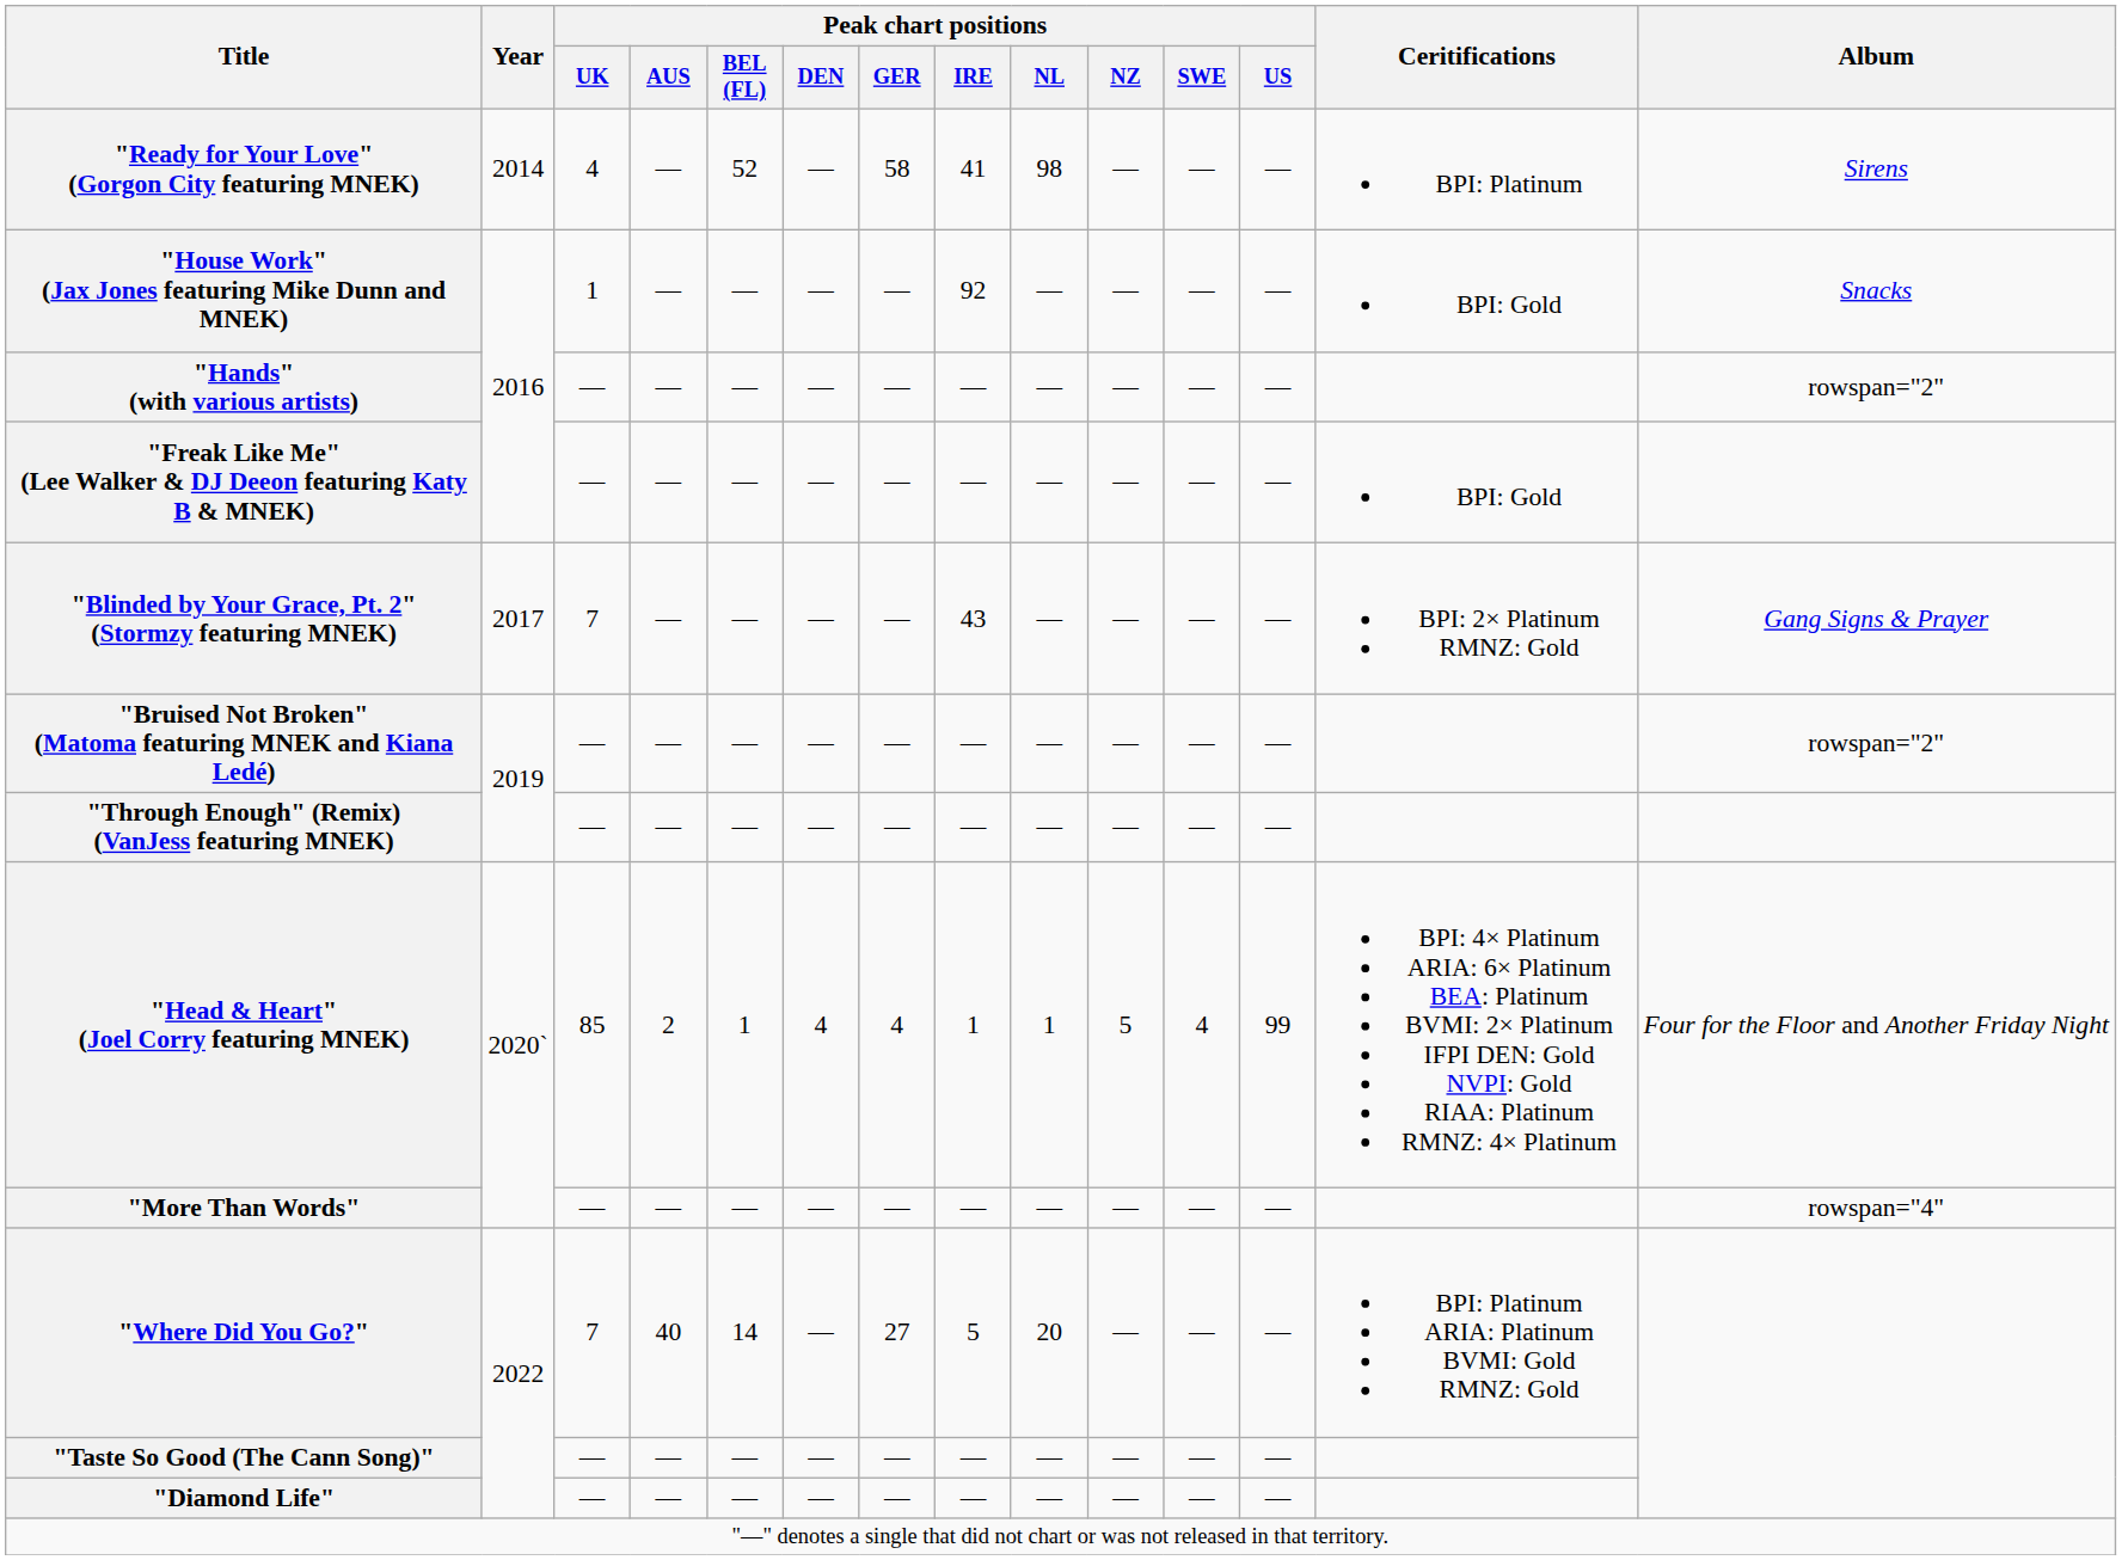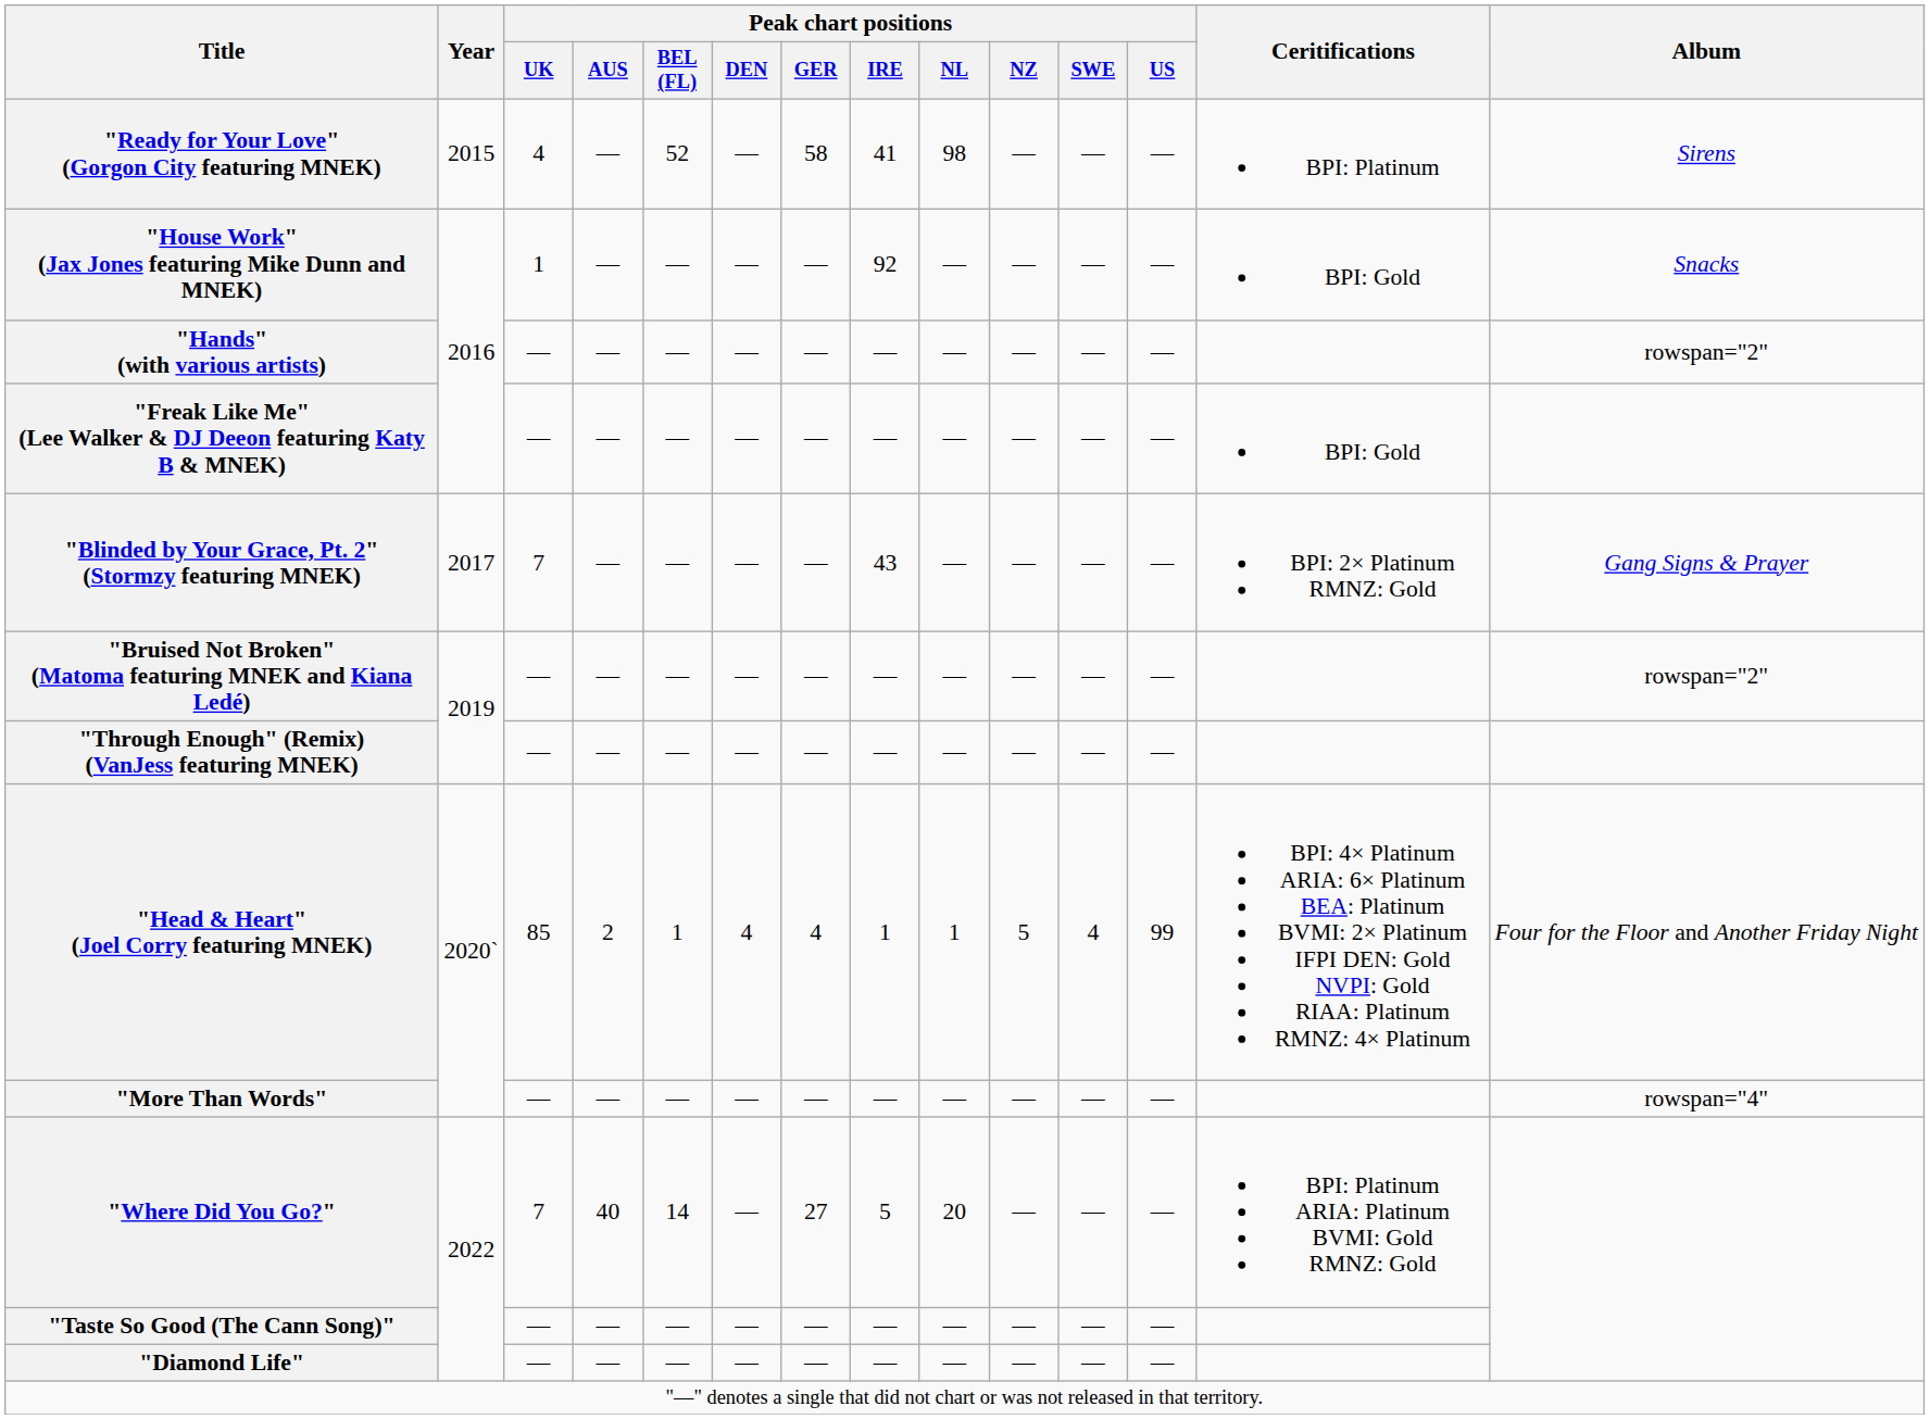 <table class="wikitable plainrowheaders" style="text-align:center;">
 <tr>
 <th scope="col" rowspan="2" style="width:18em;">Title</th>
 <th scope="col" rowspan="2" style="width:1em;">Year</th>
 <th scope="col" colspan="10">Peak chart positions</th>
 <th scope="col" rowspan="2" style="width:12em;">Ceritifications</th>
 <th scope="col" rowspan="2">Album</th>
 </tr>
 <tr>
 <th scope="col" style="width:3em;font-size:85%;"><a href='#'>UK</a><br></th>
 <th scope="col" style="width:3em;font-size:85%;"><a href='#'>AUS</a><br></th>
 <th scope="col" style="width:3em;font-size:85%;"><a href='#'>BEL<br>(FL)</a><br></th>
 <th scope="col" style="width:3em;font-size:85%;"><a href='#'>DEN</a><br></th>
 <th scope="col" style="width:3em;font-size:85%;"><a href='#'>GER</a><br></th>
 <th scope="col" style="width:3em;font-size:85%;"><a href='#'>IRE</a><br></th>
 <th scope="col" style="width:3em;font-size:85%;"><a href='#'>NL</a><br></th>
 <th scope="col" style="width:3em;font-size:85%;"><a href='#'>NZ</a><br></th>
 <th scope="col" style="width:3em;font-size:85%;"><a href='#'>SWE</a><br></th>
 <th scope="col" style="width:3em;font-size:85%;"><a href='#'>US</a><br></th>
 </tr>
 <tr>
 <th scope="row">"<a href='#'>Ready for Your Love</a>"<br><span>(<a href='#'>Gorgon City</a> featuring MNEK)</span></th>
-<td>2014</td>
+<td>2015</td>
 <td>4</td>
 <td>—</td>
 <td>52</td>
 <td>—</td>
 <td>58</td>
 <td>41</td>
 <td>98</td>
 <td>—</td>
 <td>—</td>
 <td>—</td>
 <td><br><ul><li>BPI: Platinum</li></ul></td>
 <td><em><a href='#'>Sirens</a> </em></td>
 </tr>
 <tr>
 <th scope="row">"<a href='#'>House Work</a>"<br><span>(<a href='#'>Jax Jones</a> featuring Mike Dunn and MNEK)</span></th>
 <td rowspan="3">2016</td>
 <td>1</td>
 <td>—</td>
 <td>—</td>
 <td>—</td>
 <td>—</td>
 <td>92</td>
 <td>—</td>
 <td>—</td>
 <td>—</td>
 <td>—</td>
 <td><br><ul><li>BPI: Gold</li></ul></td>
 <td><em><a href='#'>Snacks</a></em></td>
 </tr>
 <tr>
 <th scope="row">"<a href='#'>Hands</a>"<br><span>(with <a href='#'>various artists</a>)</span></th>
 <td>—</td>
 <td>—</td>
 <td>—</td>
 <td>—</td>
 <td>—</td>
 <td>—</td>
 <td>—</td>
 <td>—</td>
 <td>—</td>
 <td>—</td>
 <td></td>
 <td>rowspan="2" </td>
 </tr>
 <tr>
 <th scope="row">"Freak Like Me"<br><span>(Lee Walker & <a href='#'>DJ Deeon</a> featuring <a href='#'>Katy B</a> & MNEK)</span></th>
 <td>—</td>
 <td>—</td>
 <td>—</td>
 <td>—</td>
 <td>—</td>
 <td>—</td>
 <td>—</td>
 <td>—</td>
 <td>—</td>
 <td>—</td>
 <td><br><ul><li>BPI: Gold</li></ul></td>
 </tr>
 <tr>
 <th scope="row">"<a href='#'>Blinded by Your Grace, Pt. 2</a>"<br><span>(<a href='#'>Stormzy</a> featuring MNEK)</span></th>
 <td>2017</td>
 <td>7</td>
 <td>—</td>
 <td>—</td>
 <td>—</td>
 <td>—</td>
 <td>43</td>
 <td>—</td>
 <td>—</td>
 <td>—</td>
 <td>—</td>
 <td><br><ul><li>BPI: 2× Platinum</li><li>RMNZ: Gold</li></ul></td>
 <td><em><a href='#'>Gang Signs & Prayer</a></em></td>
 </tr>
 <tr>
 <th scope="row">"Bruised Not Broken"<br><span>(<a href='#'>Matoma</a> featuring MNEK and <a href='#'>Kiana Ledé</a>)</span></th>
 <td rowspan="2">2019</td>
 <td>—</td>
 <td>—</td>
 <td>—</td>
 <td>—</td>
 <td>—</td>
 <td>—</td>
 <td>—</td>
 <td>—</td>
 <td>—</td>
 <td>—</td>
 <td></td>
 <td>rowspan="2" </td>
 </tr>
 <tr>
 <th scope="row">"Through Enough" (Remix)<br><span>(<a href='#'>VanJess</a> featuring MNEK)</span></th>
 <td>—</td>
 <td>—</td>
 <td>—</td>
 <td>—</td>
 <td>—</td>
 <td>—</td>
 <td>—</td>
 <td>—</td>
 <td>—</td>
 <td>—</td>
 <td></td>
 </tr>
 <tr>
 <th scope="row">"<a href='#'>Head & Heart</a>"<br><span>(<a href='#'>Joel Corry</a> featuring MNEK)</span></th>
 <td rowspan="2">2020`</td>
 <td>85</td>
 <td>2</td>
 <td>1</td>
 <td>4</td>
 <td>4</td>
 <td>1</td>
 <td>1</td>
 <td>5</td>
 <td>4</td>
 <td>99</td>
 <td><br><ul><li>BPI: 4× Platinum</li><li>ARIA: 6× Platinum</li><li><a href='#'>BEA</a>: Platinum</li><li>BVMI: 2× Platinum</li><li>IFPI DEN: Gold</li><li><a href='#'>NVPI</a>: Gold</li><li>RIAA: Platinum</li><li>RMNZ: 4× Platinum</li></ul></td>
 <td><em>Four for the Floor</em> and <em>Another Friday Night</em></td>
 </tr>
 <tr>
 <th scope="row">"More Than Words"<br></th>
 <td>—</td>
 <td>—</td>
 <td>—</td>
 <td>—</td>
 <td>—</td>
 <td>—</td>
 <td>—</td>
 <td>—</td>
 <td>—</td>
 <td>—</td>
 <td></td>
 <td>rowspan="4" </td>
 </tr>
 <tr>
 <th scope="row">"<a href='#'>Where Did You Go?</a>"<br></th>
 <td rowspan="3">2022</td>
 <td>7</td>
 <td>40<br></td>
 <td>14</td>
 <td>—</td>
 <td>27</td>
 <td>5<br></td>
 <td>20</td>
 <td>—</td>
 <td>—</td>
 <td>—</td>
 <td><br><ul><li>BPI: Platinum</li><li>ARIA: Platinum</li><li>BVMI: Gold</li><li>RMNZ: Gold</li></ul></td>
 </tr>
 <tr>
 <th scope="row">"Taste So Good (The Cann Song)"<br></th>
 <td>—</td>
 <td>—</td>
 <td>—</td>
 <td>—</td>
 <td>—</td>
 <td>—</td>
 <td>—</td>
 <td>—</td>
 <td>—</td>
 <td>—</td>
 <td></td>
 </tr>
 <tr>
 <th scope="row">"Diamond Life"<br></th>
 <td>—</td>
 <td>—</td>
 <td>—</td>
 <td>—</td>
 <td>—</td>
 <td>—</td>
 <td>—</td>
 <td>—</td>
 <td>—</td>
 <td>—</td>
 <td></td>
 </tr>
 <tr>
 <td colspan="20" style="font-size:85%">"—" denotes a single that did not chart or was not released in that territory.</td>
 </tr>
 </table>
